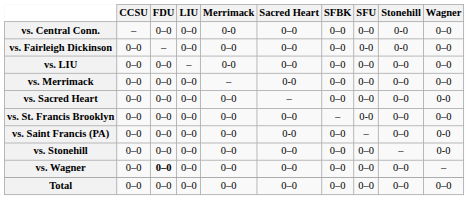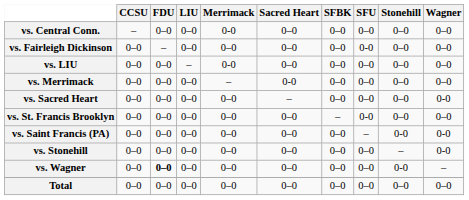 <table class="wikitable" style="white-space:nowrap;font-size:80%;">
 <tr>
 <th colspan=1 style="background:white; border-top-style:hidden; border-left-style:hidden;"   width=75> </th>
 <th>CCSU</th>
 <th>FDU</th>
 <th>LIU</th>
 <th>Merrimack</th>
 <th>Sacred Heart</th>
 <th>SFBK</th>
 <th>SFU</th>
 <th>Stonehill</th>
 <th>Wagner</th>
 </tr>
 <tr style="text-align:center;">
 <th>vs. Central Conn.</th>
 <td>–</td>
 <td>0–0</td>
 <td>0–0</td>
 <td>0-0</td>
 <td>0–0</td>
 <td>0–0</td>
 <td>0–0</td>
-<td>0-0</td>
+<td>0–0</td>
 <td>0–0</td>
 </tr>
 <tr style="text-align:center;">
 <th>vs. Fairleigh Dickinson</th>
 <td>0–0</td>
 <td>–</td>
 <td>0–0</td>
 <td>0–0</td>
 <td>0–0</td>
 <td>0–0</td>
 <td>0-0</td>
-<td>0-0</td>
+<td>0–0</td>
 <td>0–0</td>
 </tr>
 <tr style="text-align:center;">
 <th>vs. LIU</th>
 <td>0–0</td>
 <td>0–0</td>
 <td>–</td>
 <td>0-0</td>
 <td>0–0</td>
 <td>0–0</td>
 <td>0–0</td>
 <td>0–0</td>
 <td>0–0</td>
 </tr>
 <tr style="text-align:center;">
 <th>vs. Merrimack</th>
 <td>0–0</td>
 <td>0–0</td>
 <td>0–0</td>
 <td>–</td>
 <td>0-0</td>
 <td>0–0</td>
 <td>0–0</td>
 <td>0–0</td>
 <td>0–0</td>
 </tr>
 <tr style="text-align:center;">
 <th>vs. Sacred Heart</th>
 <td>0–0</td>
 <td>0–0</td>
 <td>0–0</td>
 <td>0–0</td>
 <td>–</td>
 <td>0–0</td>
 <td>0–0</td>
 <td>0–0</td>
 <td>0-0</td>
 </tr>
 <tr style="text-align:center;">
 <th>vs. St. Francis Brooklyn</th>
 <td>0–0</td>
 <td>0–0</td>
 <td>0–0</td>
 <td>0–0</td>
 <td>0–0</td>
 <td>–</td>
 <td>0-0</td>
 <td>0–0</td>
 <td>0–0</td>
 </tr>
 <tr style="text-align:center;">
 <th>vs. Saint Francis (PA)</th>
 <td>0–0</td>
 <td>0–0</td>
 <td>0–0</td>
 <td>0–0</td>
-<td>0-0</td>
+<td>0–0</td>
 <td>0–0</td>
 <td>–</td>
-<td>0–0</td>
+<td>0-0</td>
 <td>0-0</td>
 </tr>
 <tr style="text-align:center;">
 <th>vs. Stonehill</th>
 <td>0–0</td>
 <td>0–0</td>
 <td>0–0</td>
 <td>0–0</td>
 <td>0–0</td>
 <td>0–0</td>
 <td>0–0</td>
 <td>–</td>
 <td>0-0</td>
 </tr>
 <tr style="text-align:center;">
 <th>vs. Wagner</th>
 <td>0–0</td>
 <td><strong>0–0</strong></td>
 <td>0–0</td>
 <td>0–0</td>
 <td>0–0</td>
 <td>0–0</td>
 <td>0–0</td>
-<td>0–0</td>
+<td>0-0</td>
 <td>–</td>
 </tr>
 <tr>
 </tr>
 <tr style="text-align:center;">
 <th>Total</th>
 <td>0–0</td>
 <td>0–0</td>
 <td>0–0</td>
 <td>0–0</td>
 <td>0–0</td>
 <td>0–0</td>
 <td>0–0</td>
 <td>0–0</td>
 <td>0–0</td>
 </tr>
 </table>
